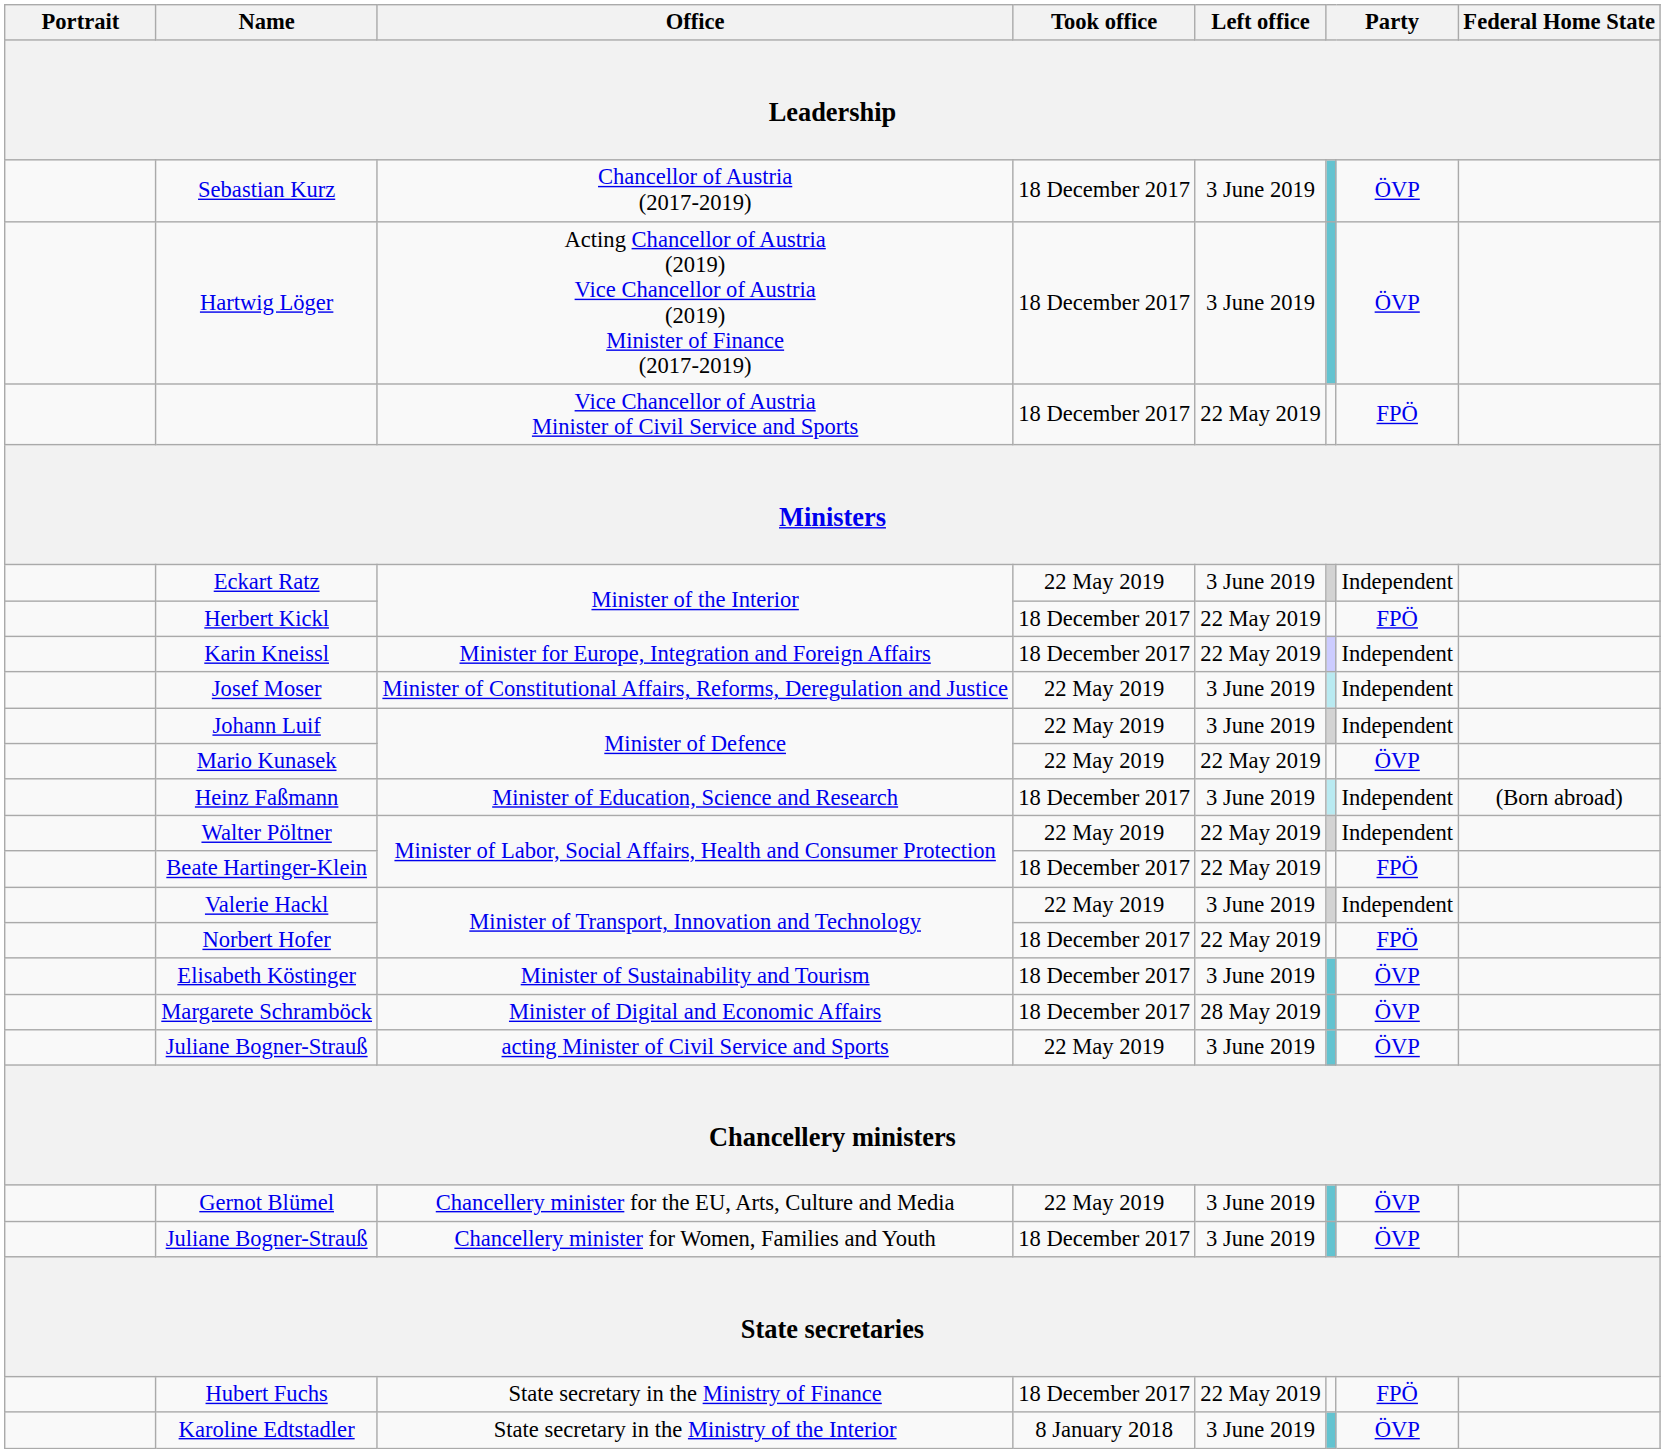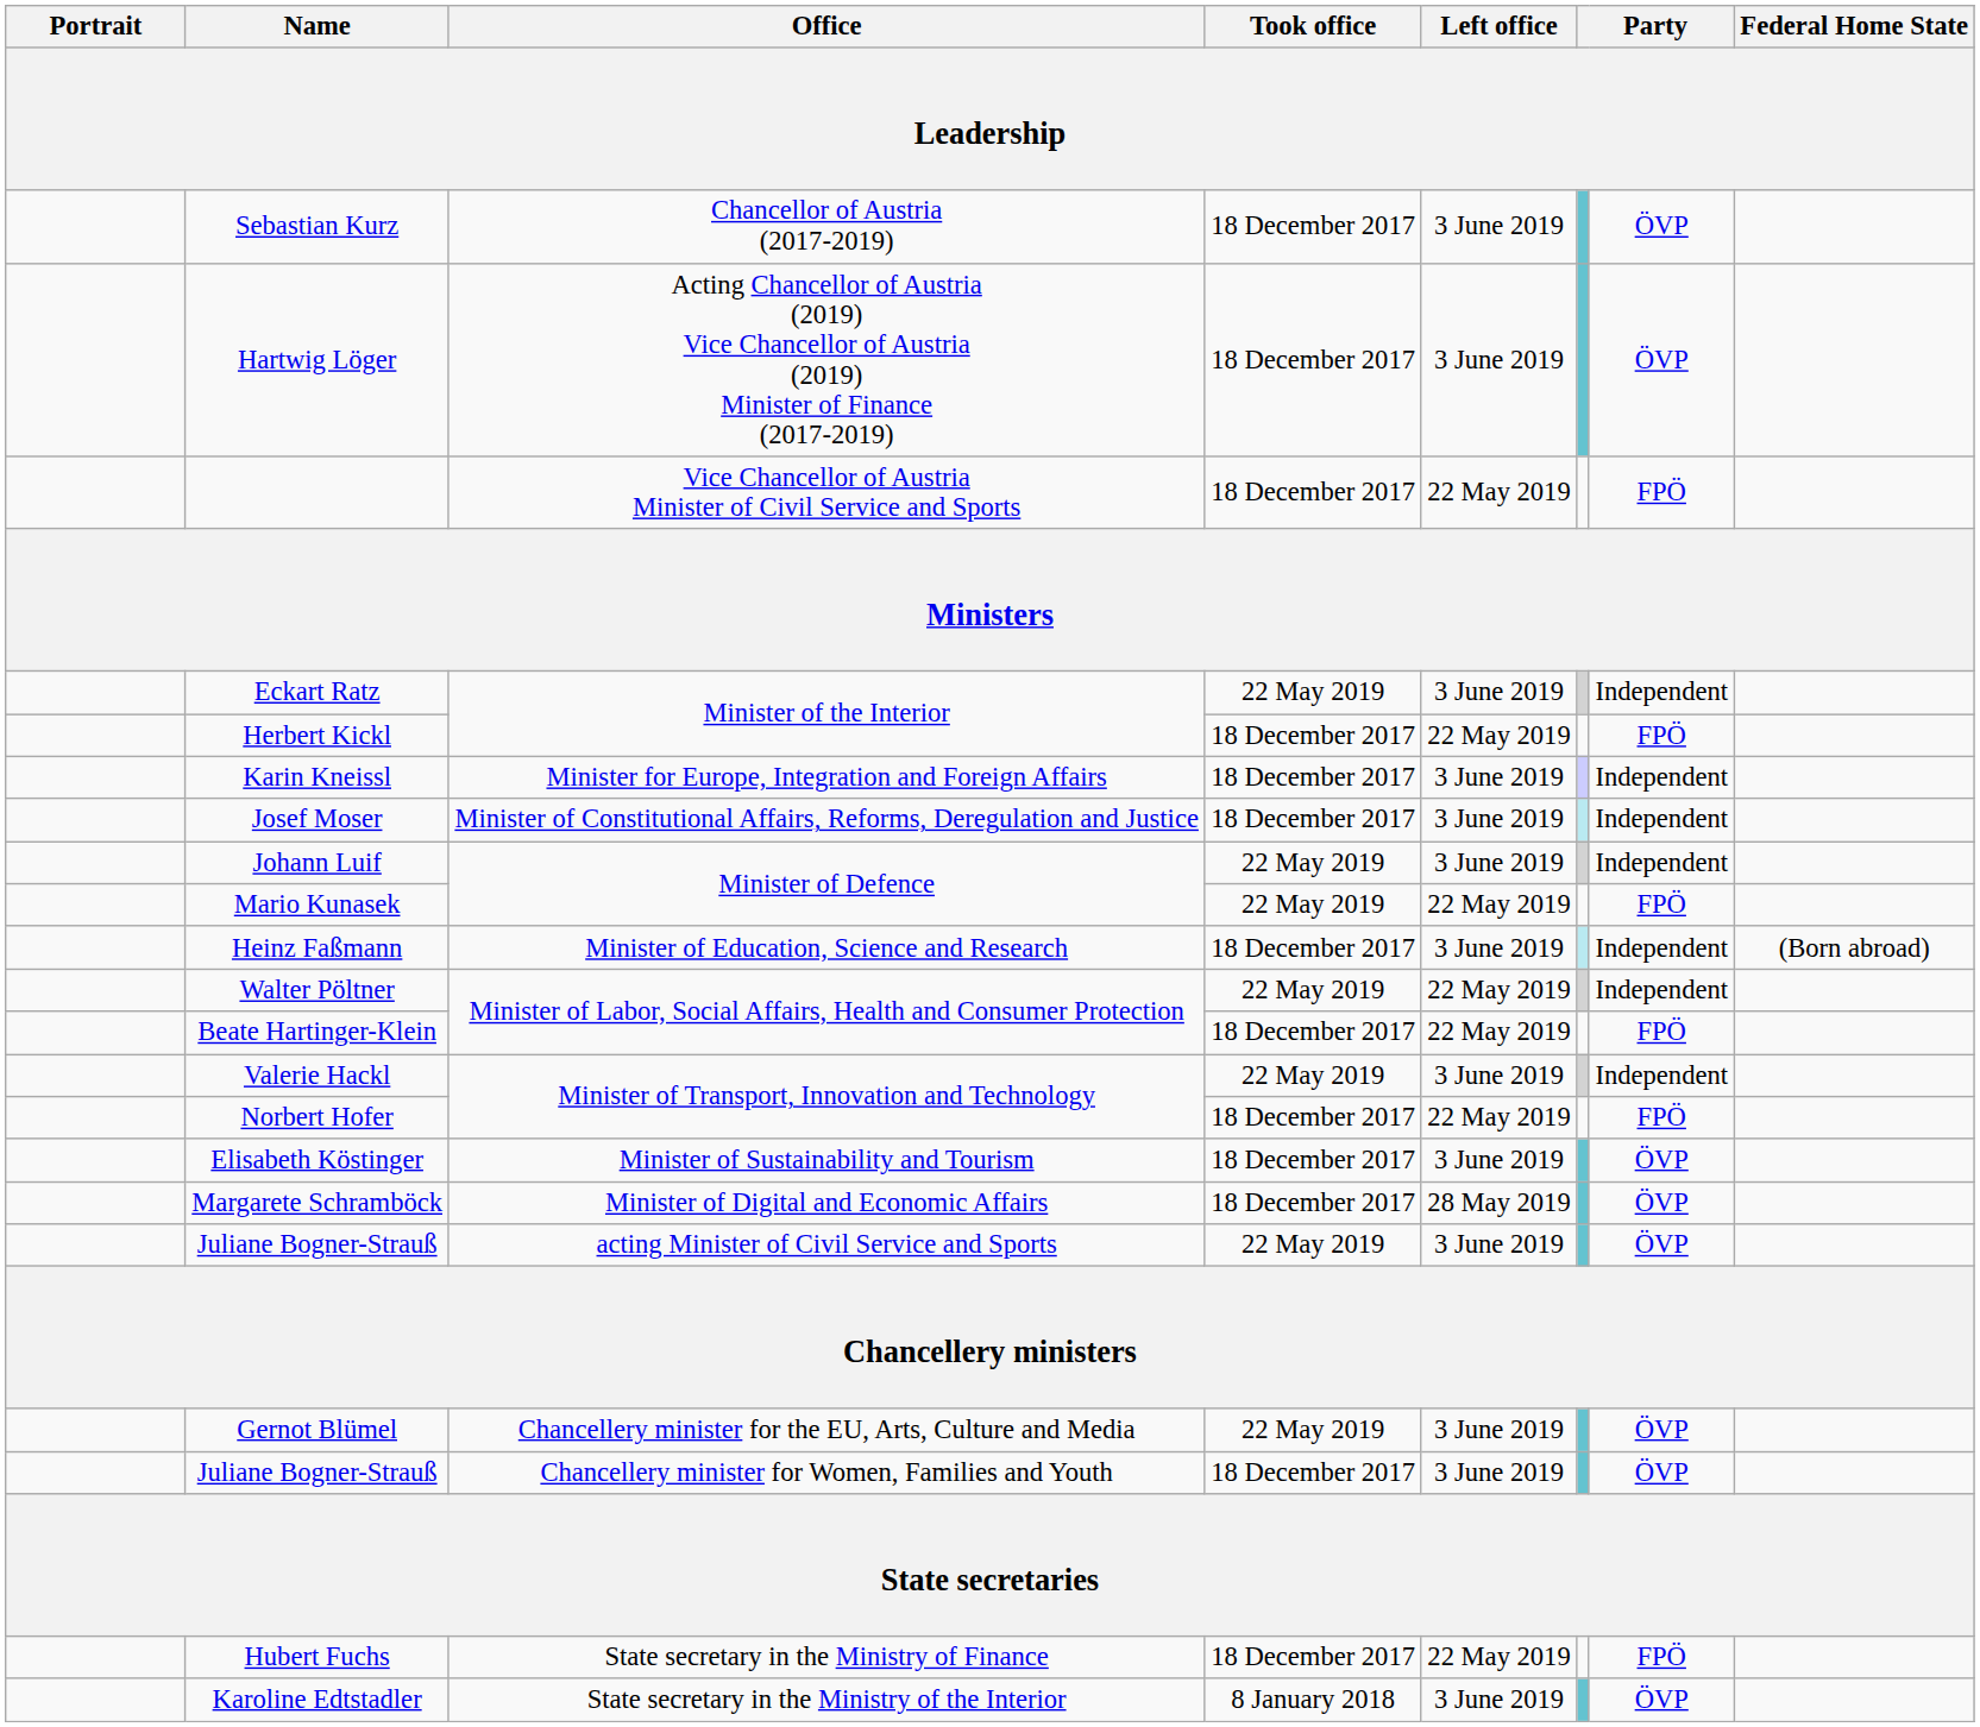 <table class="wikitable sortable" style="border:#555; text-align:center; ">
 <tr>
 <th class="unsortable" style="width:100px;">Portrait</th>
 <th>Name</th>
 <th>Office</th>
 <th>Took office</th>
 <th>Left office</th>
 <th colspan="2" class="unsortable" style="width:5px;">Party</th>
 <th>Federal Home State</th>
 </tr>
 <tr>
 <th colspan="9"><br><h3>Leadership</h3></th>
 </tr>
 <tr>
 <td></td>
 <td><a href='#'>Sebastian Kurz</a></td>
 <td><a href='#'>Chancellor of Austria</a><br>(2017-2019)</td>
 <td>18 December 2017</td>
 <td>3 June 2019</td>
 <td style="background-color: #63c3d0"></td>
 <td><a href='#'>ÖVP</a></td>
 <td></td>
 </tr>
 <tr>
 <td></td>
 <td><a href='#'>Hartwig Löger</a></td>
 <td>Acting <a href='#'>Chancellor of Austria</a><br>(2019)<br><a href='#'>Vice Chancellor of Austria</a><br>(2019)<br><a href='#'>Minister of Finance</a><br>(2017-2019)</td>
 <td>18 December 2017</td>
 <td>3 June 2019</td>
 <td style="background-color: #63c3d0"></td>
 <td><a href='#'>ÖVP</a></td>
 <td></td>
 </tr>
 <tr>
 <td></td>
 <td></td>
 <td><a href='#'>Vice Chancellor of Austria</a><br><a href='#'>Minister of Civil Service and Sports</a></td>
 <td>18 December 2017</td>
 <td>22 May 2019</td>
 <td style="background-color: "></td>
 <td><a href='#'>FPÖ</a></td>
 <td></td>
 </tr>
 <tr>
 <th colspan="9"><br><h3><a href='#'>Ministers</a></h3></th>
 </tr>
 <tr>
 <td></td>
 <td><a href='#'>Eckart Ratz</a></td>
 <td rowspan="2"><a href='#'>Minister of the Interior</a></td>
 <td>22 May 2019</td>
 <td>3 June 2019</td>
 <td style="background-color: lightgray"></td>
 <td>Independent</td>
 <td></td>
 </tr>
 <tr>
 <td></td>
 <td><a href='#'>Herbert Kickl</a></td>
 <td>18 December 2017</td>
 <td>22 May 2019</td>
 <td style="background-color: "></td>
 <td><a href='#'>FPÖ</a></td>
 <td></td>
 </tr>
 <tr>
 <td></td>
 <td><a href='#'>Karin Kneissl</a></td>
 <td><a href='#'>Minister for Europe, Integration and Foreign Affairs</a></td>
 <td>18 December 2017</td>
-<td>22 May 2019</td>
+<td>3 June 2019</td>
 <td style="background-color: #ccccff"></td>
 <td>Independent <br> </td>
 <td></td>
 </tr>
 <tr>
 <td></td>
 <td><a href='#'>Josef Moser</a></td>
 <td><a href='#'>Minister of Constitutional Affairs, Reforms, Deregulation and Justice</a></td>
-<td>22 May 2019</td>
+<td>18 December 2017</td>
 <td>3 June 2019</td>
 <td style="background-color: #b9eaf1"></td>
 <td>Independent <br> </td>
 <td></td>
 </tr>
 <tr>
 <td></td>
 <td><a href='#'>Johann Luif</a></td>
 <td rowspan="2"><a href='#'>Minister of Defence</a></td>
 <td>22 May 2019</td>
 <td>3 June 2019</td>
 <td style="background-color: lightgray"></td>
 <td>Independent</td>
 <td></td>
 </tr>
 <tr>
 <td></td>
 <td><a href='#'>Mario Kunasek</a></td>
 <td>22 May 2019</td>
 <td>22 May 2019</td>
 <td style="background-color: "></td>
-<td><a href='#'>ÖVP</a></td>
+<td><a href='#'>FPÖ</a></td>
 <td></td>
 </tr>
 <tr>
 <td></td>
 <td><a href='#'>Heinz Faßmann</a></td>
 <td><a href='#'>Minister of Education, Science and Research</a></td>
 <td>18 December 2017</td>
 <td>3 June 2019</td>
 <td style="background-color: #b9eaf1"></td>
 <td>Independent<br></td>
 <td>(Born abroad)</td>
 </tr>
 <tr>
 <td></td>
 <td><a href='#'>Walter Pöltner</a></td>
 <td rowspan="2"><a href='#'>Minister of Labor, Social Affairs, Health and Consumer Protection</a></td>
 <td>22 May 2019</td>
 <td>22 May 2019</td>
 <td style="background-color: lightgray"></td>
 <td>Independent</td>
 <td></td>
 </tr>
 <tr>
 <td></td>
 <td><a href='#'>Beate Hartinger-Klein</a></td>
 <td>18 December 2017</td>
 <td>22 May 2019</td>
 <td style="background-color: "></td>
 <td><a href='#'>FPÖ</a></td>
 <td></td>
 </tr>
 <tr>
 <td></td>
 <td><a href='#'>Valerie Hackl</a></td>
 <td rowspan="2"><a href='#'>Minister of Transport, Innovation and Technology</a></td>
 <td>22 May 2019</td>
 <td>3 June 2019</td>
 <td style="background-color: lightgray"></td>
 <td>Independent</td>
 <td></td>
 </tr>
 <tr>
 <td></td>
 <td><a href='#'>Norbert Hofer</a></td>
 <td>18 December 2017</td>
 <td>22 May 2019</td>
 <td style="background-color: "></td>
 <td><a href='#'>FPÖ</a></td>
 <td></td>
 </tr>
 <tr>
 <td></td>
 <td><a href='#'>Elisabeth Köstinger</a></td>
 <td><a href='#'>Minister of Sustainability and Tourism</a></td>
 <td>18 December 2017</td>
 <td>3 June 2019</td>
 <td style="background-color: #63c3d0"></td>
 <td><a href='#'>ÖVP</a></td>
 <td></td>
 </tr>
 <tr>
 <td></td>
 <td><a href='#'>Margarete Schramböck</a></td>
 <td><a href='#'>Minister of Digital and Economic Affairs</a></td>
 <td>18 December 2017</td>
 <td>28 May 2019</td>
 <td style="background-color: #63c3d0"></td>
 <td><a href='#'>ÖVP</a></td>
 <td></td>
 </tr>
 <tr>
 <td></td>
 <td><a href='#'>Juliane Bogner-Strauß</a></td>
 <td><a href='#'>acting Minister of Civil Service and Sports</a></td>
 <td>22 May 2019</td>
 <td>3 June 2019</td>
 <td style="background-color: #63c3d0"></td>
 <td><a href='#'>ÖVP</a></td>
 <td></td>
 </tr>
 <tr>
 <th colspan="9"><br><h3>Chancellery ministers</h3></th>
 </tr>
 <tr>
 <td></td>
 <td><a href='#'>Gernot Blümel</a></td>
 <td><a href='#'>Chancellery minister</a> for the EU, Arts, Culture and Media</td>
 <td>22 May 2019</td>
 <td>3 June 2019</td>
 <td style="background-color: #63c3d0"></td>
 <td><a href='#'>ÖVP</a></td>
 <td></td>
 </tr>
 <tr>
 <td></td>
 <td><a href='#'>Juliane Bogner-Strauß</a></td>
 <td><a href='#'>Chancellery minister</a> for Women, Families and Youth</td>
 <td>18 December 2017</td>
 <td>3 June 2019</td>
 <td style="background-color: #63c3d0"></td>
 <td><a href='#'>ÖVP</a></td>
 <td></td>
 </tr>
 <tr>
 <th colspan="9"><br><h3>State secretaries</h3></th>
 </tr>
 <tr>
 <td></td>
 <td><a href='#'>Hubert Fuchs</a></td>
 <td>State secretary in the <a href='#'>Ministry of Finance</a></td>
 <td>18 December 2017</td>
 <td>22 May 2019</td>
 <td style="background-color: "></td>
 <td><a href='#'>FPÖ</a></td>
 <td></td>
 </tr>
 <tr>
 <td></td>
 <td><a href='#'>Karoline Edtstadler</a></td>
 <td>State secretary in the <a href='#'>Ministry of the Interior</a></td>
 <td>8 January 2018</td>
 <td>3 June 2019</td>
 <td style="background-color: #63c3d0"></td>
 <td><a href='#'>ÖVP</a></td>
 <td></td>
 </tr>
 </table>
